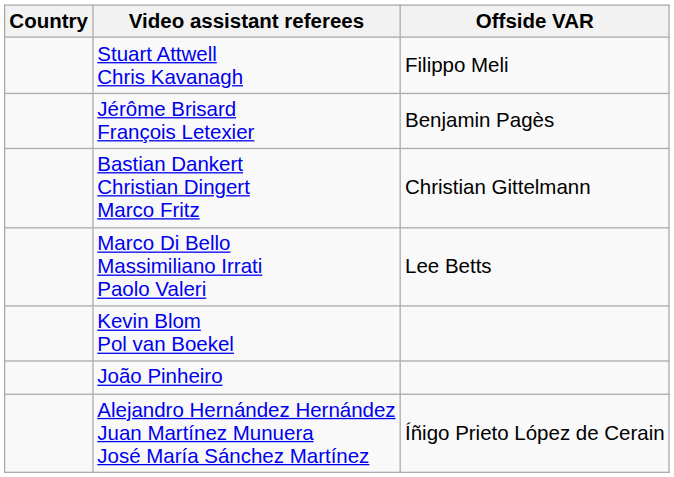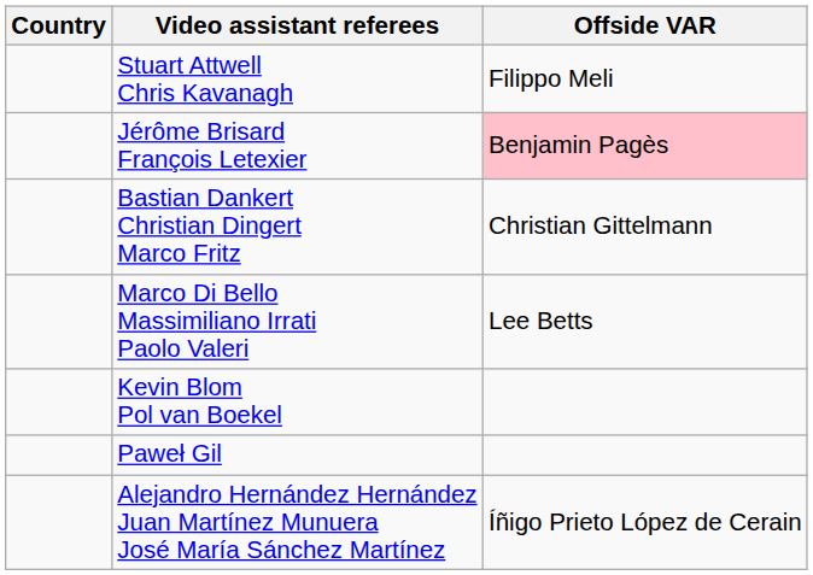 <table class="wikitable" style="display:inline-table;">
 <tr>
 <th>Country</th>
 <th>Video assistant referees</th>
 <th>Offside VAR</th>
 </tr>
 <tr>
 <td></td>
 <td><a href='#'>Stuart Attwell</a><br><a href='#'>Chris Kavanagh</a></td>
 <td>Filippo Meli</td>
 </tr>
 <tr>
 <td></td>
 <td><a href='#'>Jérôme Brisard</a><br><a href='#'>François Letexier</a></td>
-<td>Benjamin Pagès</td>
+<td style="background: pink;">Benjamin Pagès</td>
 </tr>
 <tr>
 <td></td>
 <td><a href='#'>Bastian Dankert</a><br><a href='#'>Christian Dingert</a><br><a href='#'>Marco Fritz</a></td>
 <td>Christian Gittelmann</td>
 </tr>
 <tr>
 <td></td>
 <td><a href='#'>Marco Di Bello</a><br><a href='#'>Massimiliano Irrati</a><br><a href='#'>Paolo Valeri</a></td>
 <td>Lee Betts</td>
 </tr>
 <tr>
 <td></td>
 <td><a href='#'>Kevin Blom</a><br><a href='#'>Pol van Boekel</a></td>
 <td></td>
 </tr>
 <tr>
 <td></td>
-<td><a href='#'>João Pinheiro</a></td>
+<td><a href='#'>Paweł Gil</a></td>
 <td></td>
 </tr>
 <tr>
 <td></td>
 <td><a href='#'>Alejandro Hernández Hernández</a><br><a href='#'>Juan Martínez Munuera</a><br><a href='#'>José María Sánchez Martínez</a></td>
 <td>Íñigo Prieto López de Cerain</td>
 </tr>
 </table>
